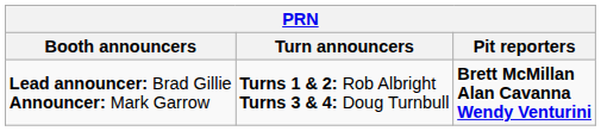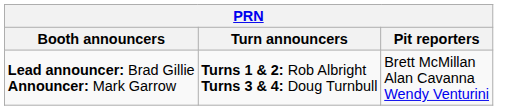 <table class="wikitable" style="font-size: 95%">
 <tr>
 <th colspan="3"><a href='#'>PRN</a></th>
 </tr>
 <tr>
 <th>Booth announcers</th>
 <th>Turn announcers</th>
 <th>Pit reporters</th>
 </tr>
 <tr>
 <td><strong>Lead announcer:</strong> Brad Gillie<br><strong>Announcer:</strong> Mark Garrow</td>
 <td><strong>Turns 1 & 2:</strong> Rob Albright<br><strong>Turns 3 & 4:</strong> Doug Turnbull</td>
-<td><strong>Brett McMillan<br>Alan Cavanna<br><a href='#'>Wendy Venturini</a></strong></td>
+<td>Brett McMillan<br>Alan Cavanna<br><a href='#'>Wendy Venturini</a></td>
 </tr>
 </table>
